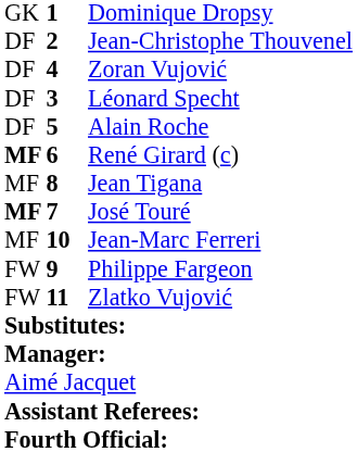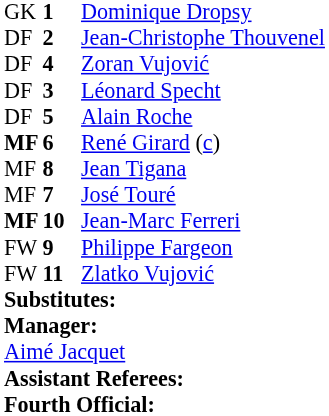 <table style=font-size:90% cellspacing=0 cellpadding=0>
 <tr>
 <td colspan=4></td>
 </tr>
 <tr>
 <th width=25></th>
 <th width=25></th>
 </tr>
 <tr>
 <td>GK</td>
 <td><strong>1</strong></td>
 <td> <a href='#'>Dominique Dropsy</a></td>
 </tr>
 <tr>
 <td>DF</td>
 <td><strong>2</strong></td>
 <td> <a href='#'>Jean-Christophe Thouvenel</a></td>
 </tr>
 <tr>
 <td>DF</td>
 <td><strong>4</strong></td>
 <td> <a href='#'>Zoran Vujović</a></td>
 </tr>
 <tr>
 <td>DF</td>
 <td><strong>3</strong></td>
 <td> <a href='#'>Léonard Specht</a></td>
 </tr>
 <tr>
 <td>DF</td>
 <td><strong>5</strong></td>
 <td> <a href='#'>Alain Roche</a></td>
 </tr>
 <tr>
 <td><strong>MF</strong></td>
 <td><strong>6</strong></td>
 <td> <a href='#'>René Girard</a> (<a href='#'>c</a>)</td>
 </tr>
 <tr>
 <td>MF</td>
 <td><strong>8</strong></td>
 <td> <a href='#'>Jean Tigana</a></td>
 </tr>
 <tr>
-<td><strong>MF</strong></td>
+<td>MF</td>
 <td><strong>7</strong></td>
 <td> <a href='#'>José Touré</a></td>
 </tr>
 <tr>
-<td>MF</td>
+<td><strong>MF</strong></td>
 <td><strong>10</strong></td>
 <td> <a href='#'>Jean-Marc Ferreri</a></td>
 </tr>
 <tr>
 <td>FW</td>
 <td><strong>9</strong></td>
 <td> <a href='#'>Philippe Fargeon</a></td>
 </tr>
 <tr>
 <td>FW</td>
 <td><strong>11</strong></td>
 <td> <a href='#'>Zlatko Vujović</a></td>
 </tr>
 <tr>
 <td colspan=3><strong>Substitutes:</strong></td>
 </tr>
 <tr>
 <td colspan=3><strong>Manager:</strong></td>
 </tr>
 <tr>
 <td colspan=4> <a href='#'>Aimé Jacquet</a><br><strong>Assistant Referees:</strong><br> <strong>Fourth Official:</strong><br></td>
 </tr>
 </table>
